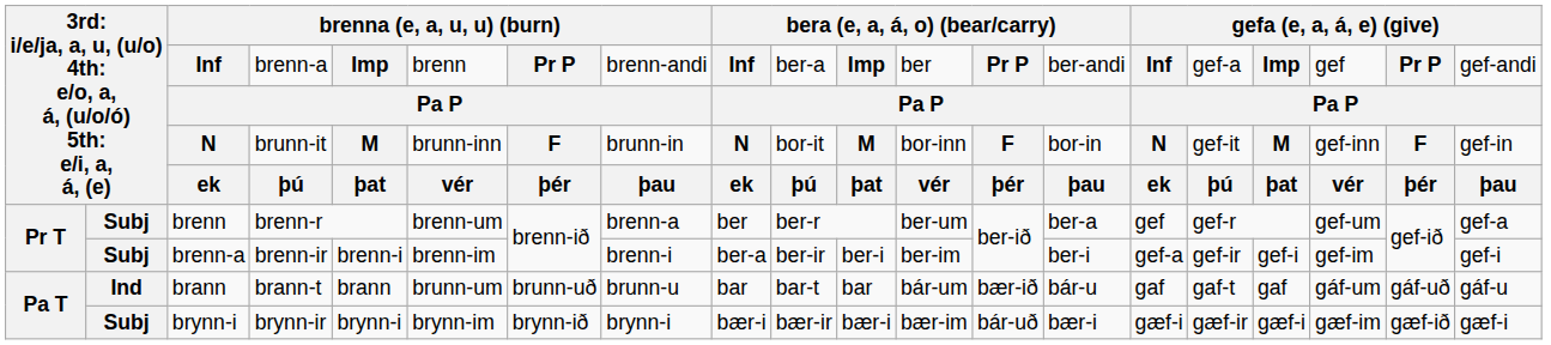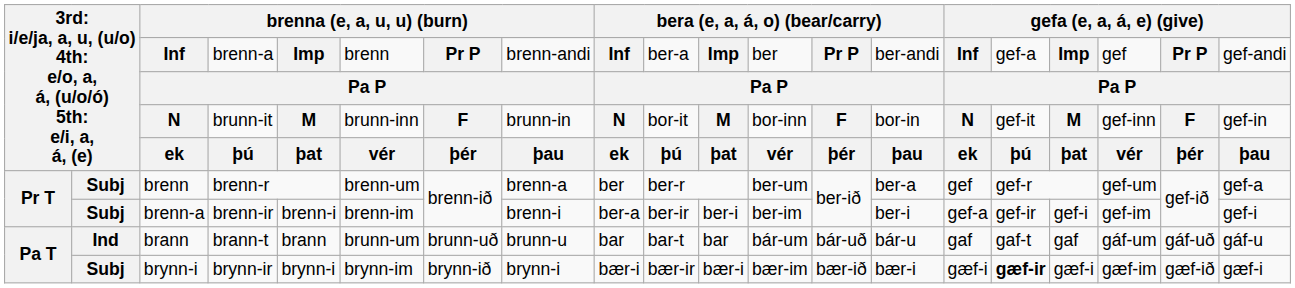 <table class="wikitable" border="1">
 <tr>
 <th rowspan="5" colspan="2">3rd: <br> i/e/ja, a, u, (u/o) <br> 4th: <br> e/o, a, <br> á, (u/o/ó) <br> 5th: <br> e/i, a, <br> á, (e)</th>
 <th colspan="6"><strong>brenna (e, a, u, u)</strong> (burn)</th>
 <th colspan="6"><strong>bera (e, a, á, o)</strong> (bear/carry)</th>
 <th colspan="6"><strong>gefa (e, a, á, e)</strong> (give)</th>
 </tr>
 <tr ---->
 <th>Inf</th>
 <td>brenn-a</td>
 <th>Imp</th>
 <td>brenn</td>
 <th>Pr P</th>
 <td>brenn-andi</td>
 <th>Inf</th>
 <td>ber-a</td>
 <th>Imp</th>
 <td>ber</td>
 <th>Pr P</th>
 <td>ber-andi</td>
 <th>Inf</th>
 <td>gef-a</td>
 <th>Imp</th>
 <td>gef</td>
 <th>Pr P</th>
 <td>gef-andi</td>
 </tr>
 <tr ---->
 <th colspan="6">Pa P</th>
 <th colspan="6">Pa P</th>
 <th colspan="6">Pa P</th>
 </tr>
 <tr>
 <th>N</th>
 <td>brunn-it</td>
 <th>M</th>
 <td>brunn-inn</td>
 <th>F</th>
 <td>brunn-in</td>
 <th>N</th>
 <td>bor-it</td>
 <th>M</th>
 <td>bor-inn</td>
 <th>F</th>
 <td>bor-in</td>
 <th>N</th>
 <td>gef-it</td>
 <th>M</th>
 <td>gef-inn</td>
 <th>F</th>
 <td>gef-in</td>
 </tr>
 <tr ---->
 <th>ek</th>
 <th>þú</th>
 <th>þat</th>
 <th>vér</th>
 <th>þér</th>
 <th>þau</th>
 <th>ek</th>
 <th>þú</th>
 <th>þat</th>
 <th>vér</th>
 <th>þér</th>
 <th>þau</th>
 <th>ek</th>
 <th>þú</th>
 <th>þat</th>
 <th>vér</th>
 <th>þér</th>
 <th>þau</th>
 </tr>
 <tr ---->
 <th rowspan="2">Pr T</th>
 <th>Subj</th>
 <td>brenn</td>
 <td colspan="2">brenn-r</td>
 <td>brenn-um</td>
 <td rowspan="2">brenn-ið</td>
 <td>brenn-a</td>
 <td>ber</td>
 <td colspan="2">ber-r</td>
 <td>ber-um</td>
 <td rowspan="2">ber-ið</td>
 <td>ber-a</td>
 <td>gef</td>
 <td colspan="2">gef-r</td>
 <td>gef-um</td>
 <td rowspan="2">gef-ið</td>
 <td>gef-a</td>
 </tr>
 <tr>
 <th>Subj</th>
 <td>brenn-a</td>
 <td>brenn-ir</td>
 <td>brenn-i</td>
 <td>brenn-im</td>
 <td>brenn-i</td>
 <td>ber-a</td>
 <td>ber-ir</td>
 <td>ber-i</td>
 <td>ber-im</td>
 <td>ber-i</td>
 <td>gef-a</td>
 <td>gef-ir</td>
 <td>gef-i</td>
 <td>gef-im</td>
 <td>gef-i</td>
 </tr>
 <tr ---->
 <th rowspan="2">Pa T</th>
 <th>Ind</th>
 <td>brann</td>
 <td>brann-t</td>
 <td>brann</td>
 <td>brunn-um</td>
 <td>brunn-uð</td>
 <td>brunn-u</td>
 <td>bar</td>
 <td>bar-t</td>
 <td>bar</td>
 <td>bár-um</td>
-<td>bær-ið</td>
+<td>bár-uð</td>
 <td>bár-u</td>
 <td>gaf</td>
 <td>gaf-t</td>
 <td>gaf</td>
 <td>gáf-um</td>
 <td>gáf-uð</td>
 <td>gáf-u</td>
 </tr>
 <tr>
 <th>Subj</th>
 <td>brynn-i</td>
 <td>brynn-ir</td>
 <td>brynn-i</td>
 <td>brynn-im</td>
 <td>brynn-ið</td>
 <td>brynn-i</td>
 <td>bær-i</td>
 <td>bær-ir</td>
 <td>bær-i</td>
 <td>bær-im</td>
-<td>bár-uð</td>
+<td>bær-ið</td>
 <td>bær-i</td>
 <td>gæf-i</td>
-<td>gæf-ir</td>
+<td><strong>gæf-ir</strong></td>
 <td>gæf-i</td>
 <td>gæf-im</td>
 <td>gæf-ið</td>
 <td>gæf-i</td>
 </tr>
 </table>
